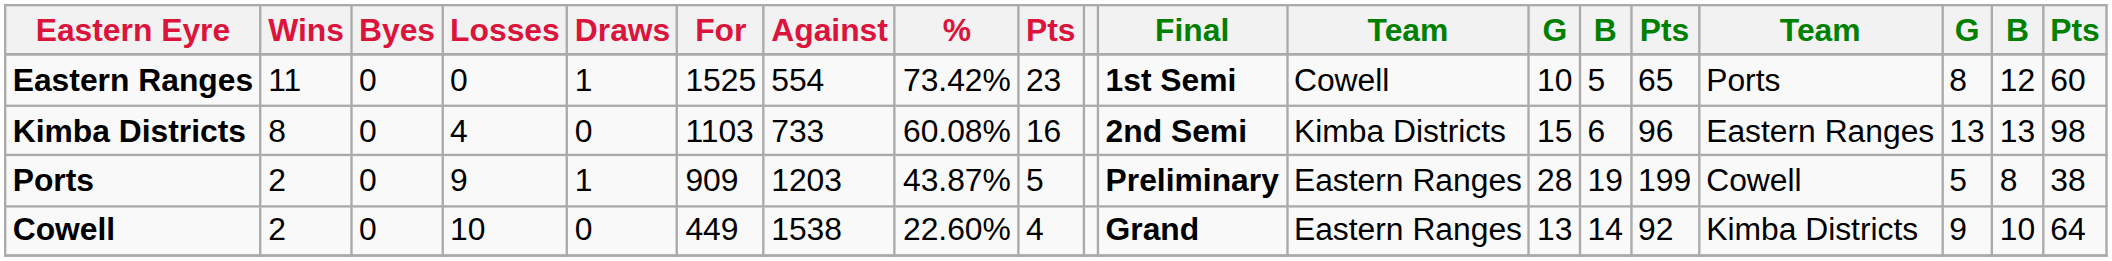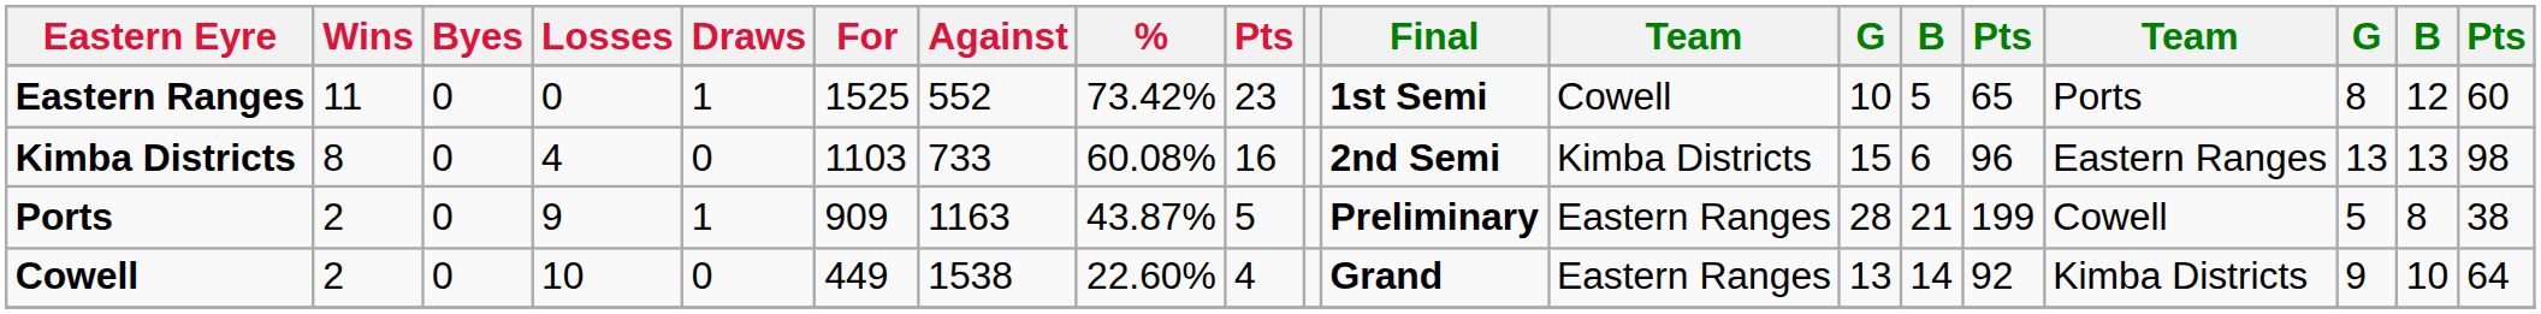 <table style="font-size: 85%; text-align: left;" class="wikitable">
 <tr>
 <th style="color:crimson">Eastern Eyre</th>
 <th style="color:crimson">Wins</th>
 <th style="color:crimson">Byes</th>
 <th style="color:crimson">Losses</th>
 <th style="color:crimson">Draws</th>
 <th style="color:crimson">For</th>
 <th style="color:crimson">Against</th>
 <th style="color:crimson">%</th>
 <th style="color:crimson">Pts</th>
 <th></th>
 <th style="color:green">Final</th>
 <th style="color:green">Team</th>
 <th style="color:green">G</th>
 <th style="color:green">B</th>
 <th style="color:green">Pts</th>
 <th style="color:green">Team</th>
 <th style="color:green">G</th>
 <th style="color:green">B</th>
 <th style="color:green">Pts</th>
 </tr>
 <tr>
 </tr>
 <tr>
 </tr>
 <tr>
 <td><strong>	Eastern Ranges	</strong></td>
 <td>11</td>
 <td>0</td>
 <td>0</td>
 <td>1</td>
 <td>1525</td>
-<td>554</td>
+<td>552</td>
 <td>73.42%</td>
 <td>23</td>
 <td></td>
 <td><strong>1st Semi</strong></td>
 <td>Cowell</td>
 <td>10</td>
 <td>5</td>
 <td>65</td>
 <td>Ports</td>
 <td>8</td>
 <td>12</td>
 <td>60</td>
 </tr>
 <tr>
 <td><strong>	Kimba Districts	</strong></td>
 <td>8</td>
 <td>0</td>
 <td>4</td>
 <td>0</td>
 <td>1103</td>
 <td>733</td>
 <td>60.08%</td>
 <td>16</td>
 <td></td>
 <td><strong>2nd Semi</strong></td>
 <td>Kimba Districts</td>
 <td>15</td>
 <td>6</td>
 <td>96</td>
 <td>Eastern Ranges</td>
 <td>13</td>
 <td>13</td>
 <td>98</td>
 </tr>
 <tr>
 <td><strong>	Ports	</strong></td>
 <td>2</td>
 <td>0</td>
 <td>9</td>
 <td>1</td>
 <td>909</td>
-<td>1203</td>
+<td>1163</td>
 <td>43.87%</td>
 <td>5</td>
 <td></td>
 <td><strong>Preliminary</strong></td>
 <td>Eastern Ranges</td>
 <td>28</td>
-<td>19</td>
+<td>21</td>
 <td>199</td>
 <td>Cowell</td>
 <td>5</td>
 <td>8</td>
 <td>38</td>
 </tr>
 <tr>
 <td><strong>	Cowell	</strong></td>
 <td>2</td>
 <td>0</td>
 <td>10</td>
 <td>0</td>
 <td>449</td>
 <td>1538</td>
 <td>22.60%</td>
 <td>4</td>
 <td></td>
 <td><strong>Grand</strong></td>
 <td>Eastern Ranges</td>
 <td>13</td>
 <td>14</td>
 <td>92</td>
 <td>Kimba Districts</td>
 <td>9</td>
 <td>10</td>
 <td>64</td>
 </tr>
 <tr>
 </tr>
 </table>
